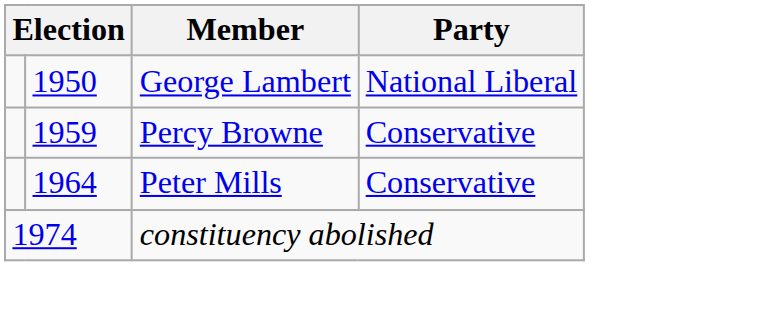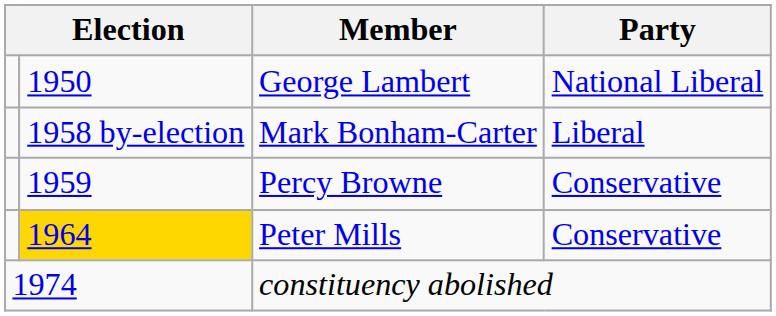 <table class="wikitable">
 <tr>
 <th colspan="2">Election</th>
 <th>Member</th>
 <th>Party</th>
 </tr>
 <tr>
 <td style="color:inherit;background-color: "></td>
 <td><a href='#'>1950</a></td>
 <td><a href='#'>George Lambert</a></td>
 <td><a href='#'>National Liberal</a></td>
 </tr>
 <tr>
 <td style="color:inherit;background-color: "></td>
+<td><a href='#'>1958 by-election</a></td>
+<td><a href='#'>Mark Bonham-Carter</a></td>
+<td><a href='#'>Liberal</a></td>
+</tr>
+<tr>
+<td style="color:inherit;background-color: "></td>
 <td><a href='#'>1959</a></td>
 <td><a href='#'>Percy Browne</a></td>
 <td><a href='#'>Conservative</a></td>
 </tr>
 <tr>
 <td style="color:inherit;background-color: "></td>
-<td><a href='#'>1964</a></td>
+<td style="background: gold;"><a href='#'>1964</a></td>
 <td><a href='#'>Peter Mills</a></td>
 <td><a href='#'>Conservative</a></td>
 </tr>
 <tr>
 <td colspan="2" align="left"><a href='#'>1974</a></td>
 <td colspan="2"><em>constituency abolished</em></td>
 </tr>
 </table>
